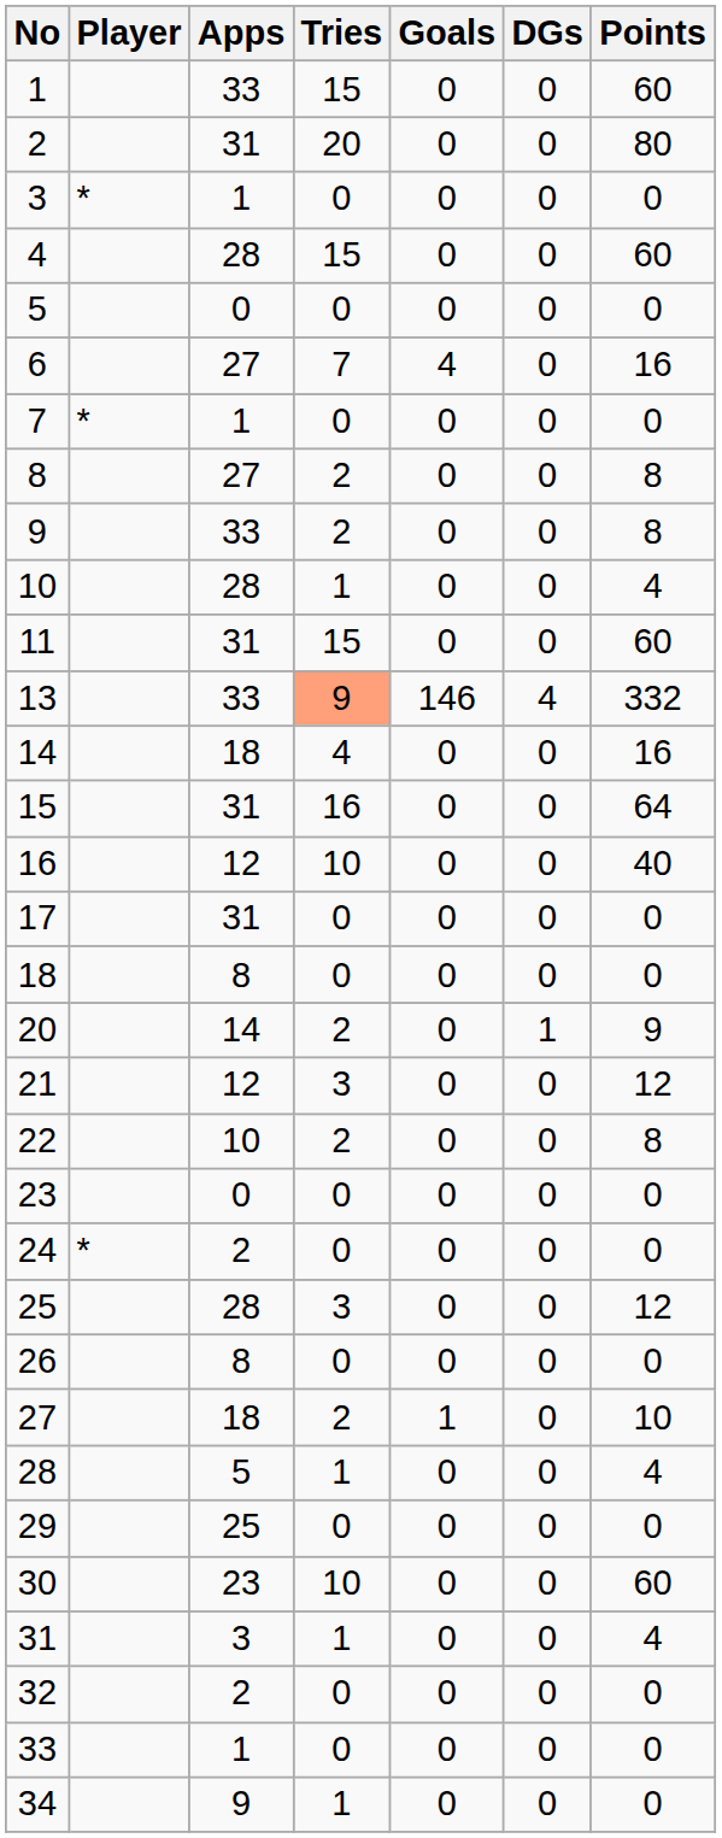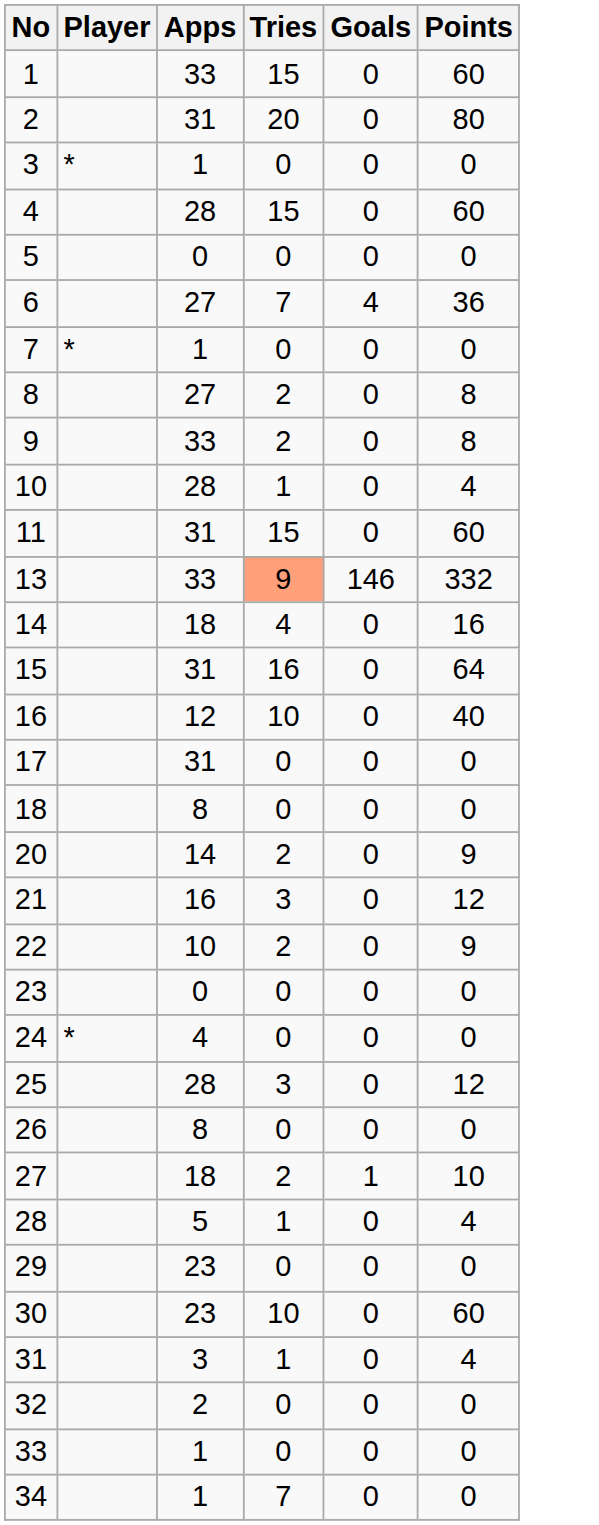 <table class="wikitable sortable" style="text-align:center;">
 <tr>
 <th><strong>No</strong></th>
 <th><strong>Player</strong></th>
 <th><strong>Apps</strong></th>
 <th><strong>Tries</strong></th>
 <th><strong>Goals</strong></th>
-<th><strong>DGs</strong></th>
 <th><strong>Points</strong></th>
 </tr>
 <tr>
 <td>1</td>
 <td align=left></td>
 <td>33</td>
 <td>15</td>
 <td>0</td>
-<td>0</td>
 <td>60</td>
 </tr>
 <tr>
 <td>2</td>
 <td align=left></td>
 <td>31</td>
 <td>20</td>
-<td>0</td>
 <td>0</td>
 <td>80</td>
 </tr>
 <tr>
 <td>3</td>
 <td align=left> *</td>
 <td>1</td>
 <td>0</td>
 <td>0</td>
 <td>0</td>
-<td>0</td>
 </tr>
 <tr>
 <td>4</td>
 <td align=left></td>
 <td>28</td>
 <td>15</td>
 <td>0</td>
-<td>0</td>
 <td>60</td>
 </tr>
 <tr>
 <td>5</td>
 <td align=left></td>
-<td>0</td>
 <td>0</td>
 <td>0</td>
 <td>0</td>
 <td>0</td>
 </tr>
 <tr>
 <td>6</td>
 <td align=left></td>
 <td>27</td>
 <td>7</td>
 <td>4</td>
-<td>0</td>
-<td>16</td>
+<td>36</td>
 </tr>
 <tr>
 <td>7</td>
 <td align=left> *</td>
 <td>1</td>
-<td>0</td>
 <td>0</td>
 <td>0</td>
 <td>0</td>
 </tr>
 <tr>
 <td>8</td>
 <td align=left></td>
 <td>27</td>
 <td>2</td>
 <td>0</td>
-<td>0</td>
 <td>8</td>
 </tr>
 <tr>
 <td>9</td>
 <td align=left></td>
 <td>33</td>
 <td>2</td>
-<td>0</td>
 <td>0</td>
 <td>8</td>
 </tr>
 <tr>
 <td>10</td>
 <td align=left></td>
 <td>28</td>
 <td>1</td>
 <td>0</td>
-<td>0</td>
 <td>4</td>
 </tr>
 <tr>
 <td>11</td>
 <td align=left></td>
 <td>31</td>
 <td>15</td>
-<td>0</td>
 <td>0</td>
 <td>60</td>
 </tr>
 <tr>
 <td>13</td>
 <td align=left></td>
 <td>33</td>
 <td style="background: lightsalmon;">9</td>
 <td>146</td>
-<td>4</td>
 <td>332</td>
 </tr>
 <tr>
 <td>14</td>
 <td align=left></td>
 <td>18</td>
 <td>4</td>
-<td>0</td>
 <td>0</td>
 <td>16</td>
 </tr>
 <tr>
 <td>15</td>
 <td align=left></td>
 <td>31</td>
 <td>16</td>
 <td>0</td>
-<td>0</td>
 <td>64</td>
 </tr>
 <tr>
 <td>16</td>
 <td align=left></td>
 <td>12</td>
 <td>10</td>
 <td>0</td>
-<td>0</td>
 <td>40</td>
 </tr>
 <tr>
 <td>17</td>
 <td align=left></td>
 <td>31</td>
-<td>0</td>
 <td>0</td>
 <td>0</td>
 <td>0</td>
 </tr>
 <tr>
 <td>18</td>
 <td align=left></td>
 <td>8</td>
 <td>0</td>
 <td>0</td>
 <td>0</td>
-<td>0</td>
 </tr>
 <tr>
 <td>20</td>
 <td align=left></td>
 <td>14</td>
 <td>2</td>
 <td>0</td>
-<td>1</td>
 <td>9</td>
 </tr>
 <tr>
 <td>21</td>
 <td align=left></td>
-<td>12</td>
+<td>16</td>
 <td>3</td>
-<td>0</td>
 <td>0</td>
 <td>12</td>
 </tr>
 <tr>
 <td>22</td>
 <td align=left></td>
 <td>10</td>
 <td>2</td>
 <td>0</td>
-<td>0</td>
-<td>8</td>
+<td>9</td>
 </tr>
 <tr>
 <td>23</td>
 <td align=left></td>
 <td>0</td>
 <td>0</td>
 <td>0</td>
 <td>0</td>
-<td>0</td>
 </tr>
 <tr>
 <td>24</td>
 <td align=left> *</td>
-<td>2</td>
-<td>0</td>
+<td>4</td>
 <td>0</td>
 <td>0</td>
 <td>0</td>
 </tr>
 <tr>
 <td>25</td>
 <td align=left></td>
 <td>28</td>
 <td>3</td>
 <td>0</td>
-<td>0</td>
 <td>12</td>
 </tr>
 <tr>
 <td>26</td>
 <td align=left></td>
 <td>8</td>
-<td>0</td>
 <td>0</td>
 <td>0</td>
 <td>0</td>
 </tr>
 <tr>
 <td>27</td>
 <td align=left></td>
 <td>18</td>
 <td>2</td>
 <td>1</td>
-<td>0</td>
 <td>10</td>
 </tr>
 <tr>
 <td>28</td>
 <td align=left></td>
 <td>5</td>
 <td>1</td>
 <td>0</td>
-<td>0</td>
 <td>4</td>
 </tr>
 <tr>
 <td>29</td>
 <td align=left></td>
-<td>25</td>
-<td>0</td>
+<td>23</td>
 <td>0</td>
 <td>0</td>
 <td>0</td>
 </tr>
 <tr>
 <td>30</td>
 <td align=left></td>
 <td>23</td>
 <td>10</td>
 <td>0</td>
-<td>0</td>
 <td>60</td>
 </tr>
 <tr>
 <td>31</td>
 <td align=left></td>
 <td>3</td>
 <td>1</td>
 <td>0</td>
-<td>0</td>
 <td>4</td>
 </tr>
 <tr>
 <td>32</td>
 <td align=left></td>
 <td>2</td>
-<td>0</td>
 <td>0</td>
 <td>0</td>
 <td>0</td>
 </tr>
 <tr>
 <td>33</td>
 <td align=left></td>
 <td>1</td>
 <td>0</td>
 <td>0</td>
 <td>0</td>
-<td>0</td>
 </tr>
 <tr>
 <td>34</td>
 <td align=left></td>
-<td>9</td>
 <td>1</td>
-<td>0</td>
+<td>7</td>
 <td>0</td>
 <td>0</td>
 </tr>
 </table>
